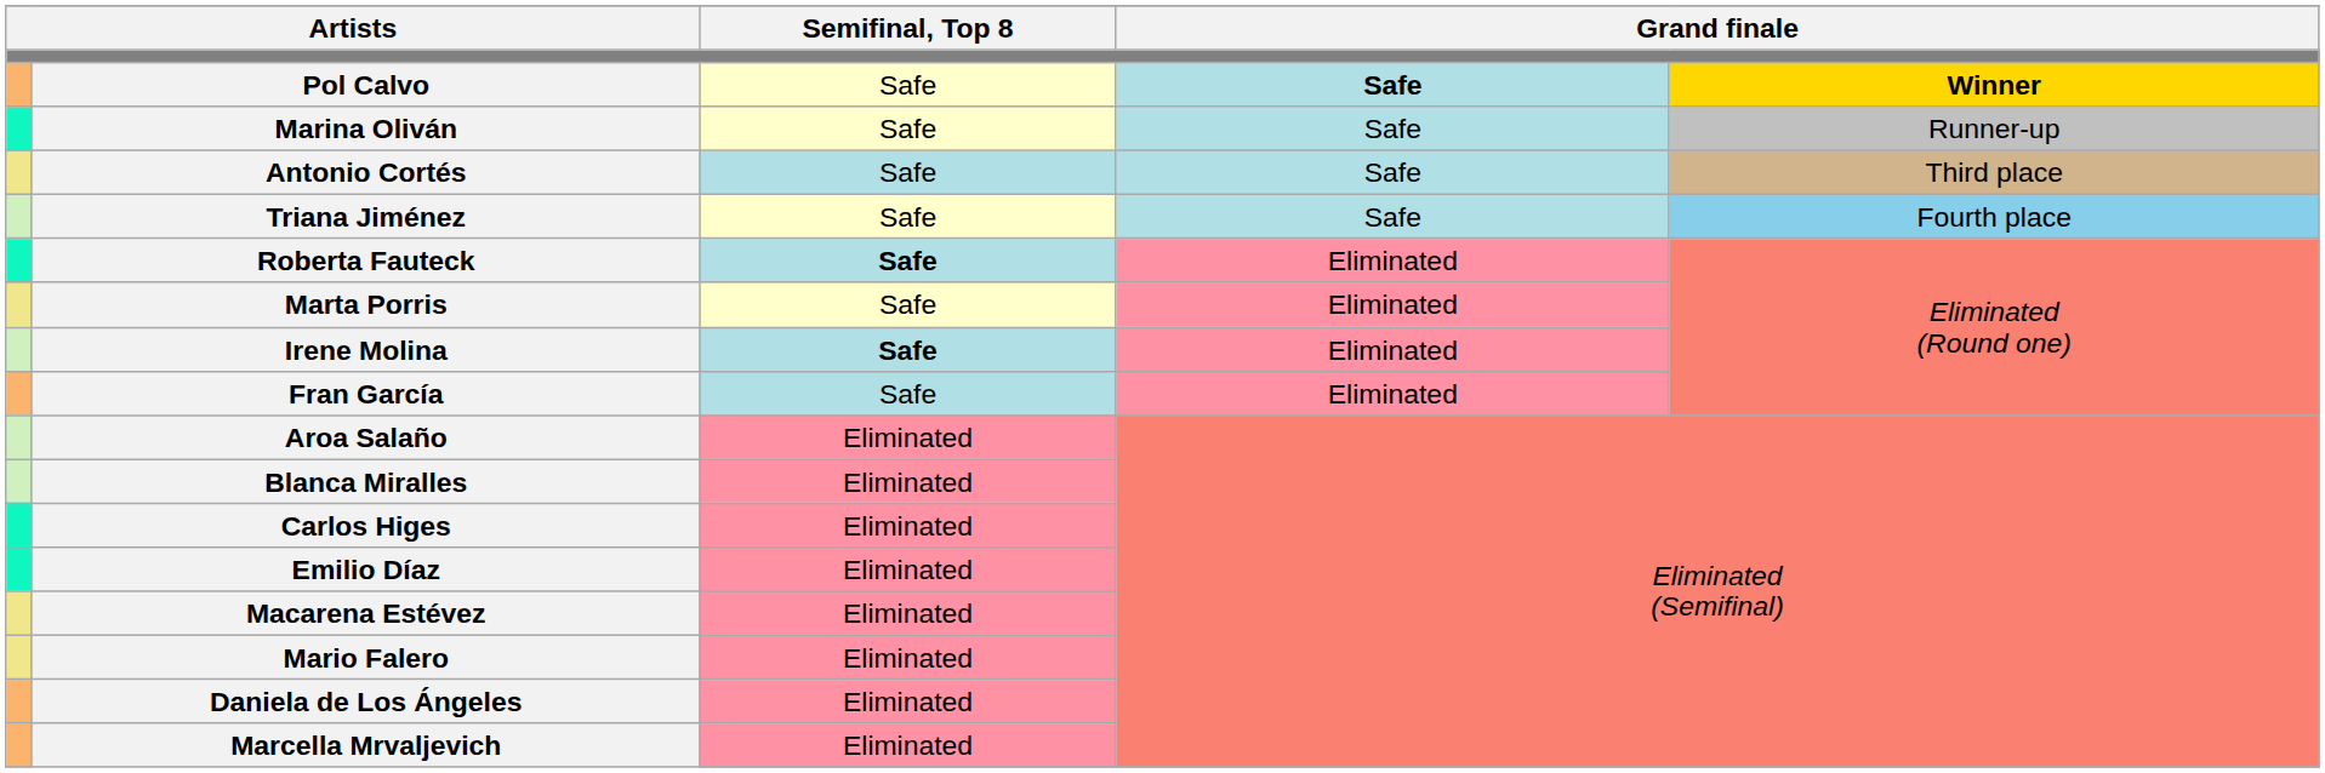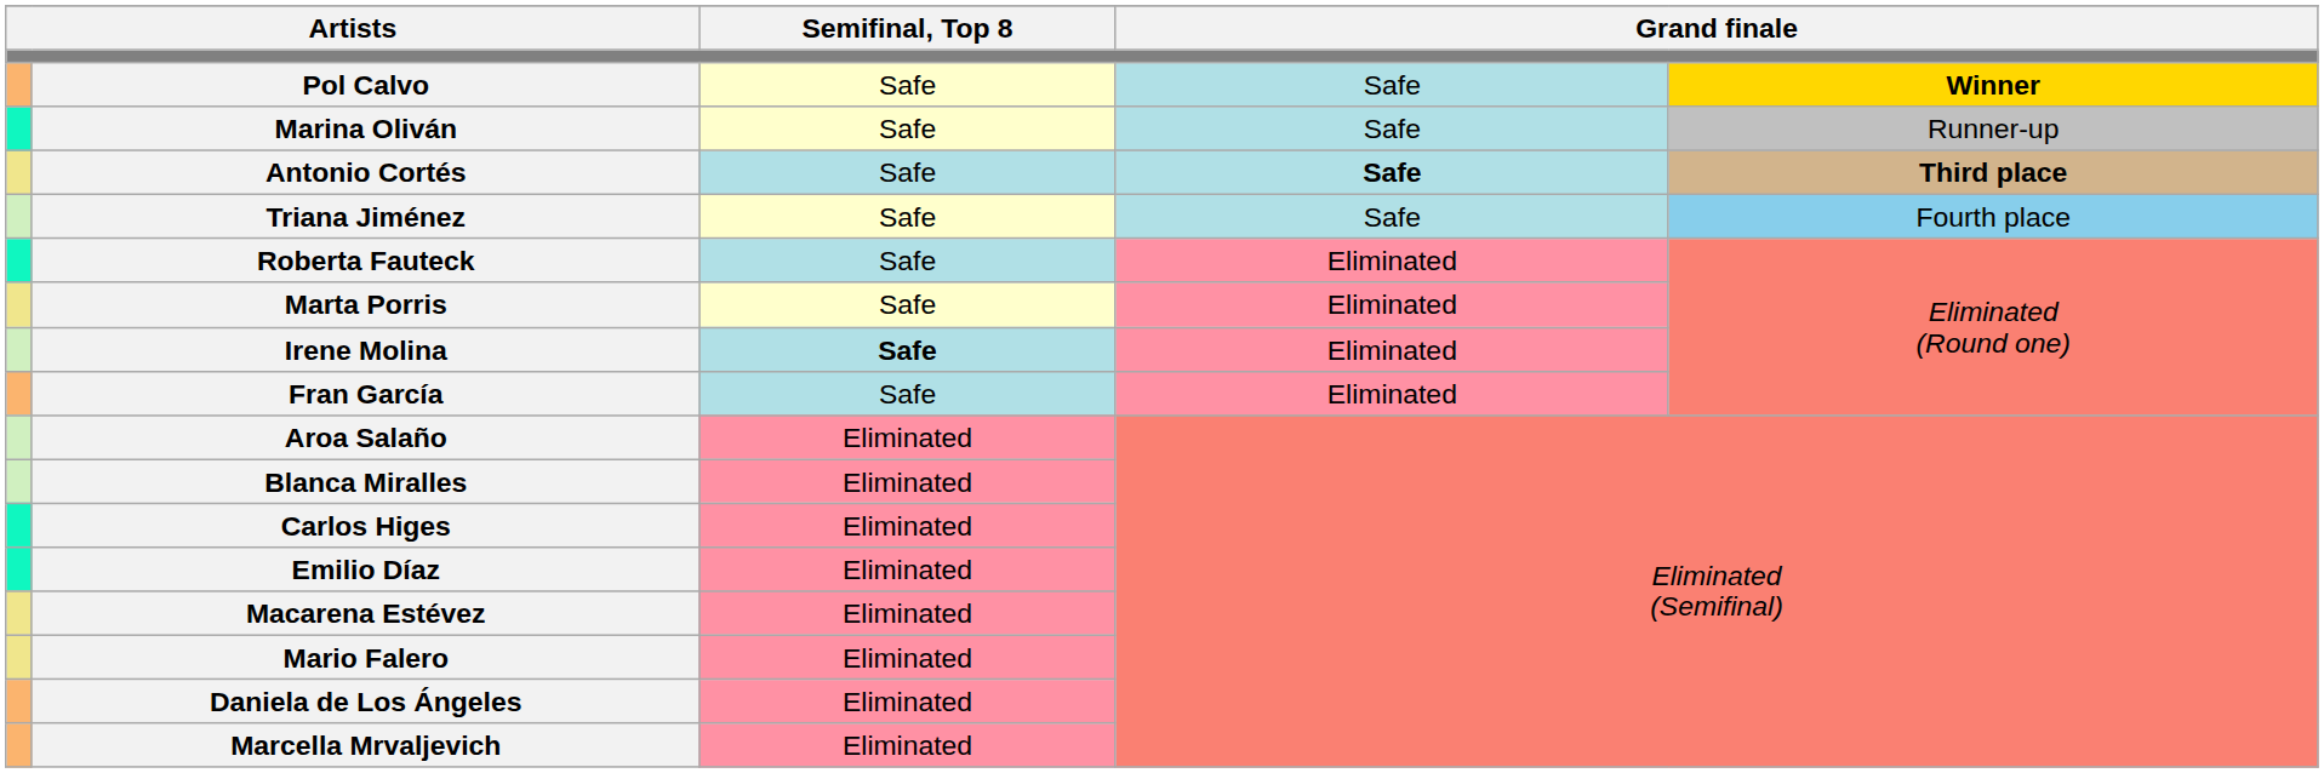 <table class="wikitable"  style="text-align:center; font-size:95%; width:100%;">
 <tr>
 </tr>
 <tr>
 <th colspan="2">Artists</th>
 <th style="width:18%;">Semifinal, Top 8</th>
 <th colspan="2" style="width:52%;">Grand finale</th>
 </tr>
 <tr>
 <th colspan="5" style="background:gray;"></th>
 </tr>
 <tr>
 <th style="background:#fbb46e;"></th>
 <th>Pol Calvo</th>
 <td bgcolor="#FFFFCC">Safe</td>
-<td bgcolor="#B0E0E6"><strong>Safe</strong></td>
+<td bgcolor="#B0E0E6">Safe</td>
 <td style="background:gold"><strong>Winner</strong></td>
 </tr>
 <tr>
 <th style="background:#0ff7c0;"></th>
 <th>Marina Oliván</th>
 <td bgcolor="#FFFFCC">Safe</td>
 <td bgcolor="#B0E0E6">Safe</td>
 <td style="background:silver">Runner-up</td>
 </tr>
 <tr>
 <th style="background:khaki;"></th>
 <th>Antonio Cortés</th>
 <td bgcolor="#B0E0E6">Safe</td>
-<td bgcolor="#B0E0E6">Safe</td>
-<td style="background:tan">Third place</td>
+<td bgcolor="#B0E0E6"><strong>Safe</strong></td>
+<td style="background:tan"><strong>Third place</strong></td>
 </tr>
 <tr>
 <th style="background:#d0f0c0;"></th>
 <th>Triana Jiménez</th>
 <td bgcolor="#FFFFCC">Safe</td>
 <td bgcolor="#B0E0E6">Safe</td>
 <td style="background:skyblue">Fourth place</td>
 </tr>
 <tr>
 <th style="background:#0ff7c0;"></th>
 <th>Roberta Fauteck</th>
-<td bgcolor="#B0E0E6"><strong>Safe</strong></td>
+<td bgcolor="#B0E0E6">Safe</td>
 <td style="background:#FF91A4">Eliminated</td>
 <td style="background:salmon" colspan="2" rowspan="4"><em>Eliminated<br>(Round one)</em></td>
 </tr>
 <tr>
 <th style="background:khaki;"></th>
 <th>Marta Porris</th>
 <td bgcolor="#FFFFCC">Safe</td>
 <td style="background:#FF91A4">Eliminated</td>
 </tr>
 <tr>
 <th style="background:#d0f0c0;"></th>
 <th>Irene Molina</th>
 <td bgcolor="#B0E0E6"><strong>Safe</strong></td>
 <td style="background:#FF91A4">Eliminated</td>
 </tr>
 <tr>
 <th style="background:#fbb46e;"></th>
 <th>Fran García</th>
 <td bgcolor="#B0E0E6">Safe</td>
 <td style="background:#FF91A4">Eliminated</td>
 </tr>
 <tr>
 <th style="background:#d0f0c0;"></th>
 <th>Aroa Salaño</th>
 <td style="background:#FF91A4;">Eliminated</td>
 <td bgcolor="salmon" colspan="2" rowspan="8"><em>Eliminated<br>(Semifinal)</em></td>
 </tr>
 <tr>
 <th style="background:#d0f0c0;"></th>
 <th>Blanca Miralles</th>
 <td style="background:#FF91A4;">Eliminated</td>
 </tr>
 <tr>
 <th style="background:#0ff7c0;"></th>
 <th>Carlos Higes</th>
 <td style="background:#FF91A4;">Eliminated</td>
 </tr>
 <tr>
 <th style="background:#0ff7c0;"></th>
 <th>Emilio Díaz</th>
 <td style="background:#FF91A4;">Eliminated</td>
 </tr>
 <tr>
 <th style="background:khaki;"></th>
 <th>Macarena Estévez</th>
 <td style="background:#FF91A4;">Eliminated</td>
 </tr>
 <tr>
 <th style="background:khaki;"></th>
 <th>Mario Falero</th>
 <td style="background:#FF91A4;">Eliminated</td>
 </tr>
 <tr>
 <th style="background:#fbb46e;"></th>
 <th>Daniela de Los Ángeles</th>
 <td style="background:#FF91A4;">Eliminated</td>
 </tr>
 <tr>
 <th style="background:#fbb46e;"></th>
 <th>Marcella Mrvaljevich</th>
 <td style="background:#FF91A4;">Eliminated</td>
 </tr>
 </table>
